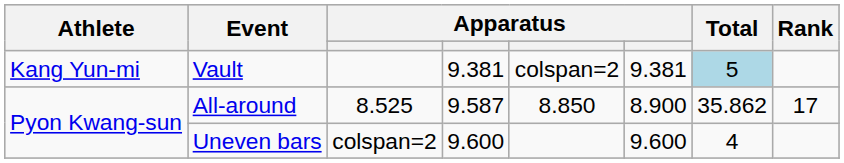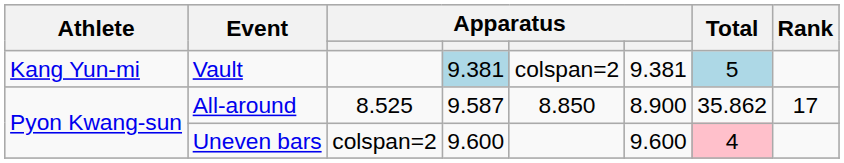 <table class="wikitable" style="font-size:90%">
 <tr>
 <th rowspan=2>Athlete</th>
 <th rowspan=2>Event</th>
 <th colspan =4>Apparatus</th>
 <th rowspan=2>Total</th>
 <th rowspan=2>Rank</th>
 </tr>
 <tr style="font-size:95%">
 <th></th>
 <th></th>
 <th></th>
 <th></th>
 </tr>
 <tr align=center>
 <td align=left><a href='#'>Kang Yun-mi</a></td>
 <td align=left><a href='#'>Vault</a></td>
 <td></td>
-<td>9.381</td>
+<td style="background: lightblue;">9.381</td>
 <td>colspan=2 </td>
 <td>9.381</td>
 <td style="background: lightblue;">5</td>
 </tr>
 <tr align=center>
 <td align=left rowspan=2><a href='#'>Pyon Kwang-sun</a></td>
 <td align=left><a href='#'>All-around</a></td>
 <td>8.525</td>
 <td>9.587</td>
 <td>8.850</td>
 <td>8.900</td>
 <td>35.862</td>
 <td>17</td>
 </tr>
 <tr align=center>
 <td align=left><a href='#'>Uneven bars</a></td>
 <td>colspan=2 </td>
 <td>9.600</td>
 <td></td>
 <td>9.600</td>
-<td>4</td>
+<td style="background: pink;">4</td>
 </tr>
 </table>
